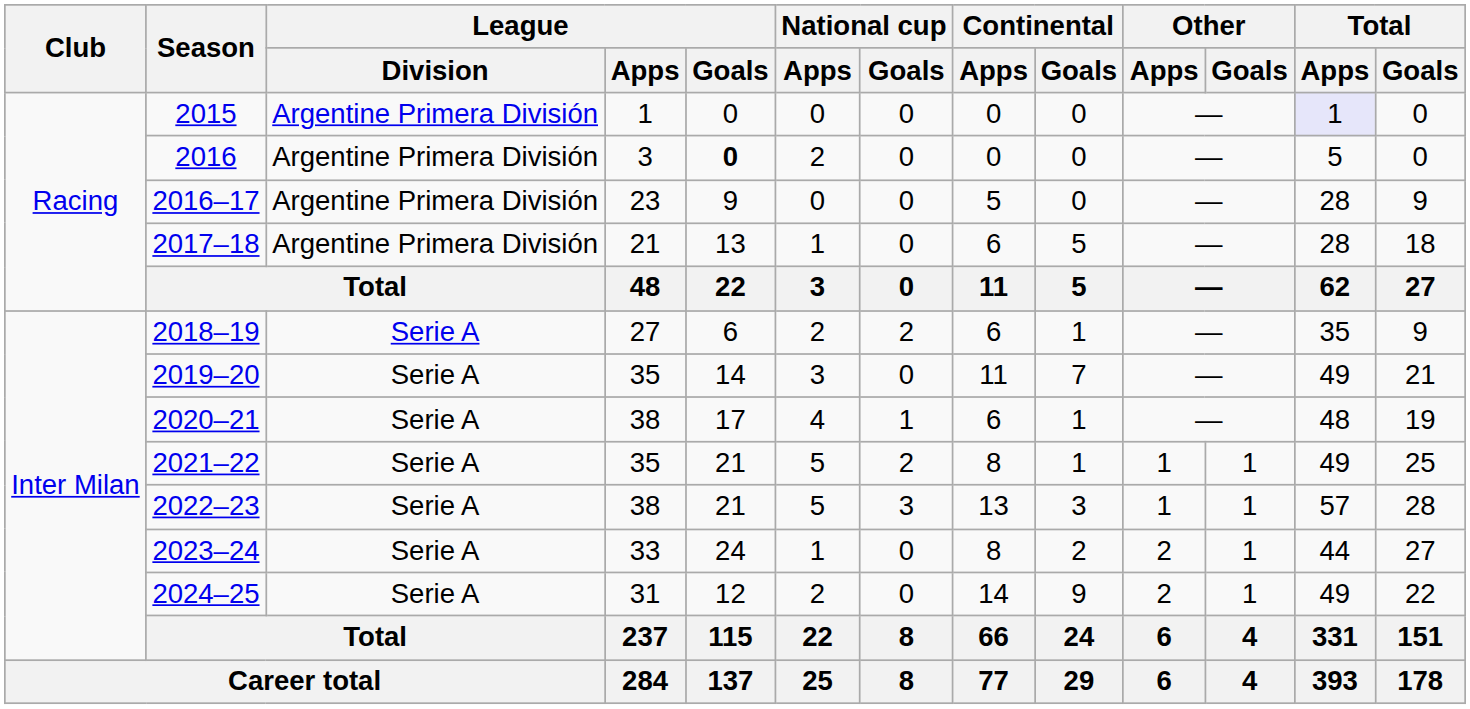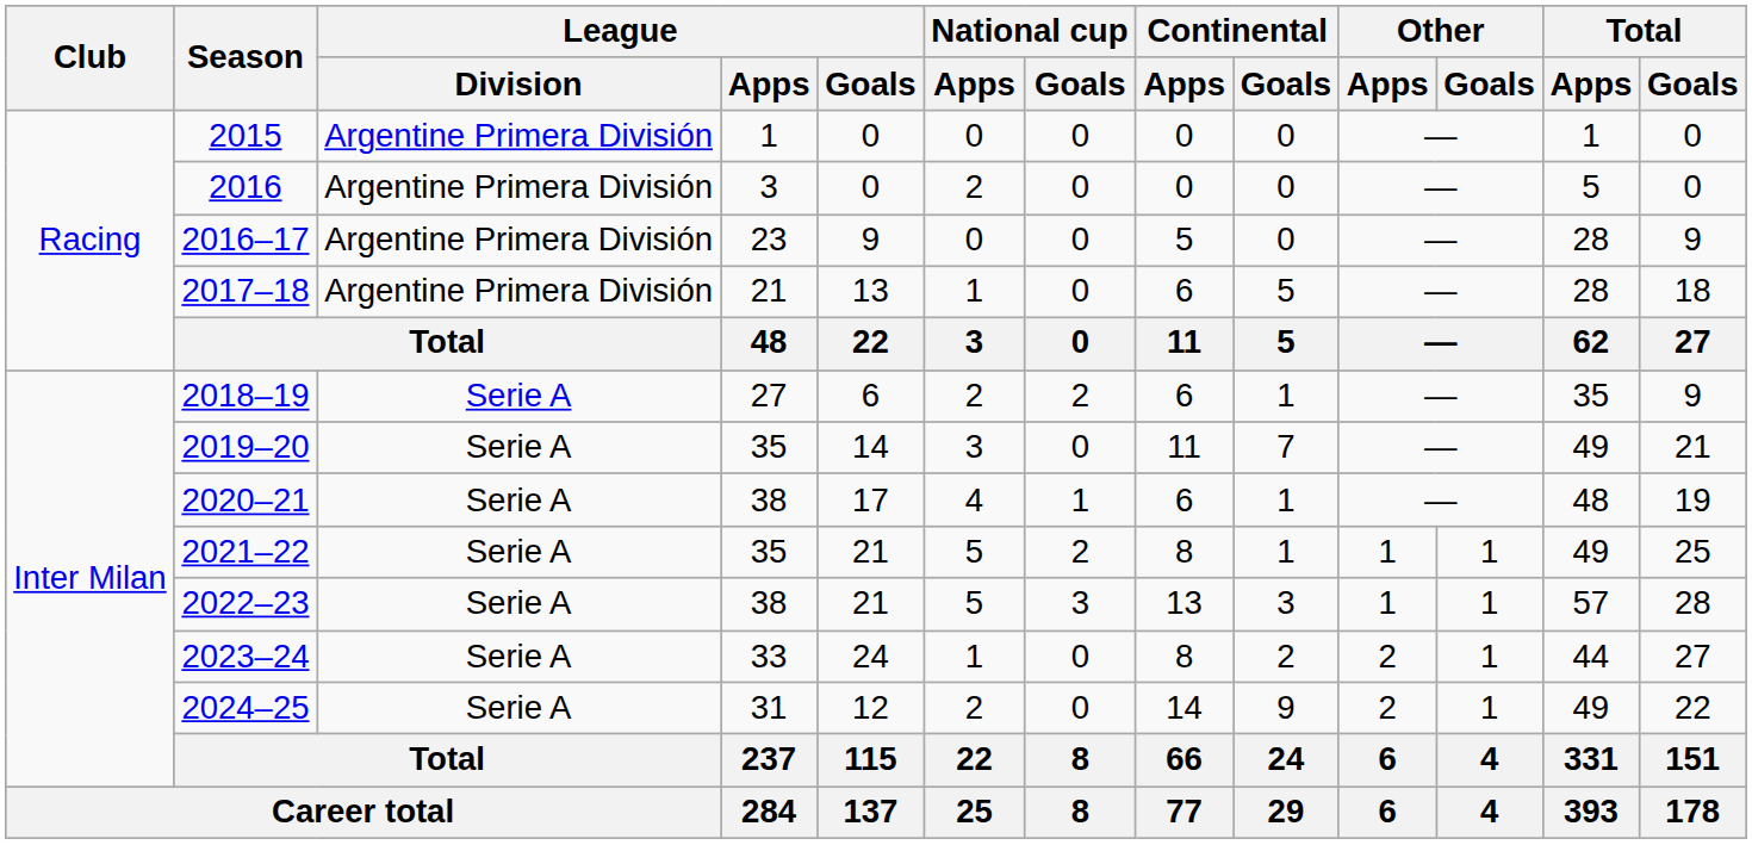 <table class="wikitable" style="text-align:center">
 <tr>
 <th rowspan="2">Club</th>
 <th rowspan="2">Season</th>
 <th colspan="3">League</th>
 <th colspan="2">National cup</th>
 <th colspan="2">Continental</th>
 <th colspan="2">Other</th>
 <th colspan="2">Total</th>
 </tr>
 <tr>
 <th>Division</th>
 <th>Apps</th>
 <th>Goals</th>
 <th>Apps</th>
 <th>Goals</th>
 <th>Apps</th>
 <th>Goals</th>
 <th>Apps</th>
 <th>Goals</th>
 <th>Apps</th>
 <th>Goals</th>
 </tr>
 <tr>
 <td rowspan="5"><a href='#'>Racing</a></td>
 <td><a href='#'>2015</a></td>
 <td><a href='#'>Argentine Primera División</a></td>
 <td>1</td>
 <td>0</td>
 <td>0</td>
 <td>0</td>
 <td>0</td>
 <td>0</td>
 <td colspan="2">—</td>
-<td style="background: lavender;">1</td>
+<td>1</td>
 <td>0</td>
 </tr>
 <tr>
 <td><a href='#'>2016</a></td>
 <td>Argentine Primera División</td>
 <td>3</td>
-<td><strong>0</strong></td>
+<td>0</td>
 <td>2</td>
 <td>0</td>
 <td>0</td>
 <td>0</td>
 <td colspan="2">—</td>
 <td>5</td>
 <td>0</td>
 </tr>
 <tr>
 <td><a href='#'>2016–17</a></td>
 <td>Argentine Primera División</td>
 <td>23</td>
 <td>9</td>
 <td>0</td>
 <td>0</td>
 <td>5</td>
 <td>0</td>
 <td colspan="2">—</td>
 <td>28</td>
 <td>9</td>
 </tr>
 <tr>
 <td><a href='#'>2017–18</a></td>
 <td>Argentine Primera División</td>
 <td>21</td>
 <td>13</td>
 <td>1</td>
 <td>0</td>
 <td>6</td>
 <td>5</td>
 <td colspan="2">—</td>
 <td>28</td>
 <td>18</td>
 </tr>
 <tr>
 <th colspan="2">Total</th>
 <th>48</th>
 <th>22</th>
 <th>3</th>
 <th>0</th>
 <th>11</th>
 <th>5</th>
 <th colspan="2">—</th>
 <th>62</th>
 <th>27</th>
 </tr>
 <tr>
 <td rowspan="8"><a href='#'>Inter Milan</a></td>
 <td><a href='#'>2018–19</a></td>
 <td><a href='#'>Serie A</a></td>
 <td>27</td>
 <td>6</td>
 <td>2</td>
 <td>2</td>
 <td>6</td>
 <td>1</td>
 <td colspan="2">—</td>
 <td>35</td>
 <td>9</td>
 </tr>
 <tr>
 <td><a href='#'>2019–20</a></td>
 <td>Serie A</td>
 <td>35</td>
 <td>14</td>
 <td>3</td>
 <td>0</td>
 <td>11</td>
 <td>7</td>
 <td colspan="2">—</td>
 <td>49</td>
 <td>21</td>
 </tr>
 <tr>
 <td><a href='#'>2020–21</a></td>
 <td>Serie A</td>
 <td>38</td>
 <td>17</td>
 <td>4</td>
 <td>1</td>
 <td>6</td>
 <td>1</td>
 <td colspan="2">—</td>
 <td>48</td>
 <td>19</td>
 </tr>
 <tr>
 <td><a href='#'>2021–22</a></td>
 <td>Serie A</td>
 <td>35</td>
 <td>21</td>
 <td>5</td>
 <td>2</td>
 <td>8</td>
 <td>1</td>
 <td>1</td>
 <td>1</td>
 <td>49</td>
 <td>25</td>
 </tr>
 <tr>
 <td><a href='#'>2022–23</a></td>
 <td>Serie A</td>
 <td>38</td>
 <td>21</td>
 <td>5</td>
 <td>3</td>
 <td>13</td>
 <td>3</td>
 <td>1</td>
 <td>1</td>
 <td>57</td>
 <td>28</td>
 </tr>
 <tr>
 <td><a href='#'>2023–24</a></td>
 <td>Serie A</td>
 <td>33</td>
 <td>24</td>
 <td>1</td>
 <td>0</td>
 <td>8</td>
 <td>2</td>
 <td>2</td>
 <td>1</td>
 <td>44</td>
 <td>27</td>
 </tr>
 <tr>
 <td><a href='#'>2024–25</a></td>
 <td>Serie A</td>
 <td>31</td>
 <td>12</td>
 <td>2</td>
 <td>0</td>
 <td>14</td>
 <td>9</td>
 <td>2</td>
 <td>1</td>
 <td>49</td>
 <td>22</td>
 </tr>
 <tr>
 <th colspan="2">Total</th>
 <th>237</th>
 <th>115</th>
 <th>22</th>
 <th>8</th>
 <th>66</th>
 <th>24</th>
 <th>6</th>
 <th>4</th>
 <th>331</th>
 <th>151</th>
 </tr>
 <tr>
 <th colspan="3">Career total</th>
 <th>284</th>
 <th>137</th>
 <th>25</th>
 <th>8</th>
 <th>77</th>
 <th>29</th>
 <th>6</th>
 <th>4</th>
 <th>393</th>
 <th>178</th>
 </tr>
 </table>
